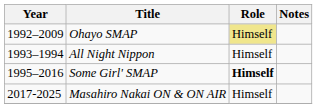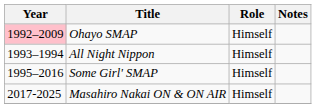 <table class="wikitable">
 <tr>
 <th>Year</th>
 <th>Title</th>
 <th>Role</th>
 <th>Notes</th>
 </tr>
 <tr>
-<td>1992–2009</td>
+<td style="background: pink;">1992–2009</td>
 <td><em>Ohayo SMAP</em></td>
-<td style="background: khaki;">Himself</td>
+<td>Himself</td>
 <td></td>
 </tr>
 <tr>
 <td>1993–1994</td>
 <td><em>All Night Nippon</em></td>
 <td>Himself</td>
 <td></td>
 </tr>
 <tr>
 <td>1995–2016</td>
 <td><em>Some Girl' SMAP</em></td>
-<td><strong>Himself</strong></td>
+<td>Himself</td>
 <td></td>
 </tr>
 <tr>
 <td>2017-2025</td>
 <td><em>Masahiro Nakai ON & ON AIR</em></td>
 <td>Himself</td>
 <td></td>
 </tr>
 <tr>
 </tr>
 </table>
